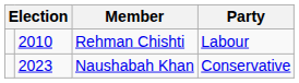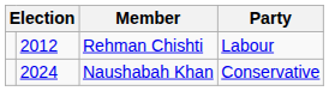 <table class="wikitable">
 <tr>
 <th colspan="2">Election</th>
 <th>Member</th>
 <th>Party</th>
 </tr>
 <tr>
 <td style="color:inherit;background-color: "></td>
-<td><a href='#'>2010</a></td>
+<td><a href='#'>2012</a></td>
 <td><a href='#'>Rehman Chishti</a></td>
 <td><a href='#'>Labour</a></td>
 </tr>
 <tr>
 <td style="color:inherit;background-color: "></td>
-<td><a href='#'>2023</a></td>
+<td><a href='#'>2024</a></td>
 <td><a href='#'>Naushabah Khan</a></td>
 <td><a href='#'>Conservative</a></td>
 </tr>
 </table>
